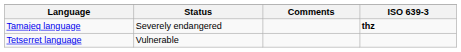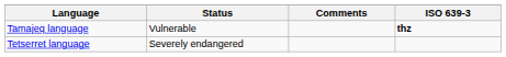 <table class="wikitable" style="margin:auto; font-size:90%;">
 <tr>
 </tr>
 <tr>
 <th style="width:20%;">Language</th>
 <th style="width:20%;">Status</th>
 <th style="width:15%;">Comments</th>
 <th style="width:15%;">ISO 639-3</th>
 </tr>
 <tr>
 <td><a href='#'>Tamajeq language</a></td>
-<td>Severely endangered</td>
+<td>Vulnerable</td>
 <td> </td>
 <td><strong>thz</strong></td>
 </tr>
 <tr>
 <td><a href='#'>Tetserret language</a></td>
-<td>Vulnerable</td>
+<td>Severely endangered</td>
 <td> </td>
 <td> </td>
 </tr>
 </table>
